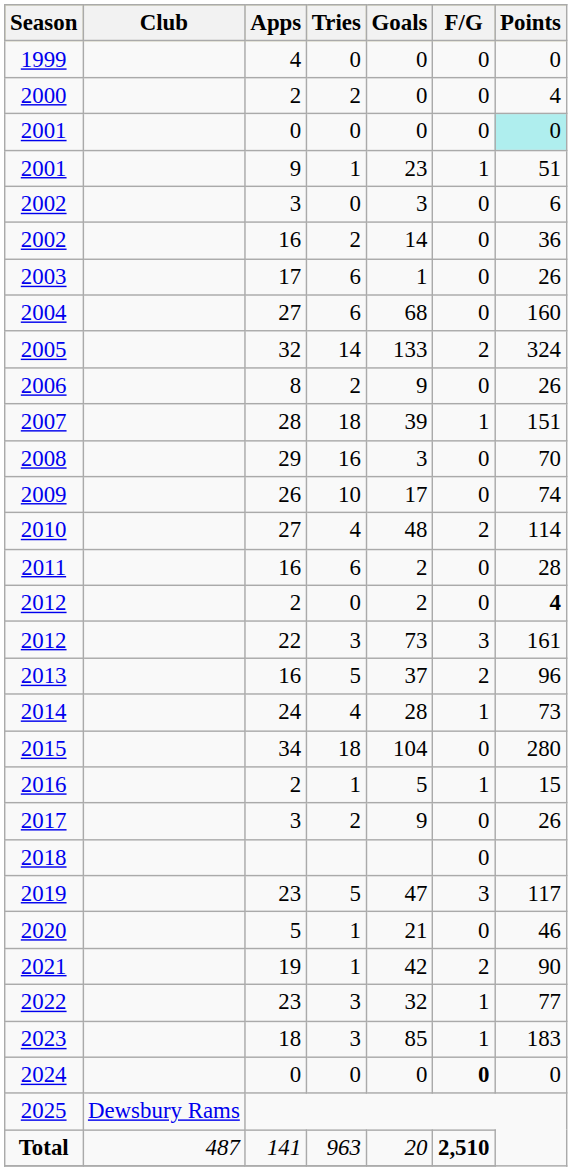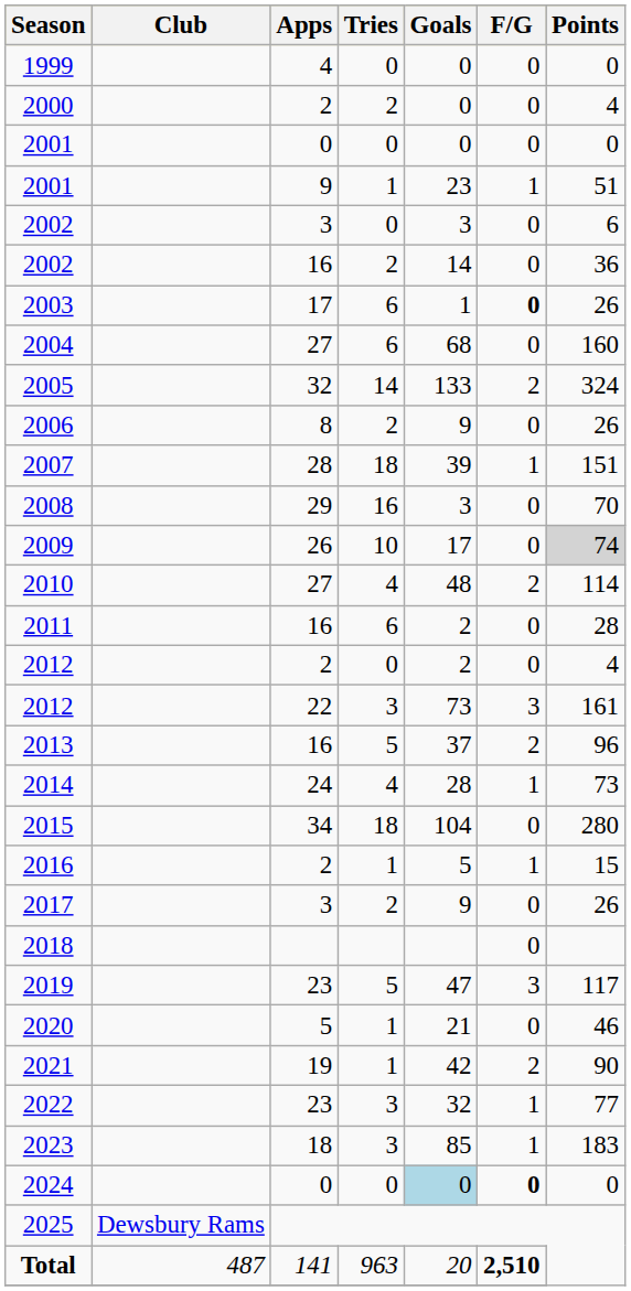 <table class="wikitable" style="text-align:center;">
 <tr bgcolor=#bdb76b>
 <th>Season</th>
 <th>Club</th>
 <th>Apps</th>
 <th>Tries</th>
 <th>Goals</th>
 <th>F/G</th>
 <th>Points</th>
 </tr>
 <tr>
 <td><a href='#'>1999</a></td>
 <td align="left"></td>
 <td align="right">4</td>
 <td align="right">0</td>
 <td align="right">0</td>
 <td align="right">0</td>
 <td align="right">0</td>
 </tr>
 <tr>
 <td><a href='#'>2000</a></td>
 <td align="left"></td>
 <td align="right">2</td>
 <td align="right">2</td>
 <td align="right">0</td>
 <td align="right">0</td>
 <td align="right">4</td>
 </tr>
 <tr>
 <td><a href='#'>2001</a></td>
 <td align="left"></td>
 <td align="right">0</td>
 <td align="right">0</td>
 <td align="right">0</td>
 <td align="right">0</td>
-<td align="right" style="background: paleturquoise;">0</td>
+<td align="right">0</td>
 </tr>
 <tr>
 <td><a href='#'>2001</a></td>
 <td align="left"></td>
 <td align="right">9</td>
 <td align="right">1</td>
 <td align="right">23</td>
 <td align="right">1</td>
 <td align="right">51</td>
 </tr>
 <tr>
 <td><a href='#'>2002</a></td>
 <td align="left"></td>
 <td align="right">3</td>
 <td align="right">0</td>
 <td align="right">3</td>
 <td align="right">0</td>
 <td align="right">6</td>
 </tr>
 <tr>
 <td><a href='#'>2002</a></td>
 <td align="left"></td>
 <td align="right">16</td>
 <td align="right">2</td>
 <td align="right">14</td>
 <td align="right">0</td>
 <td align="right">36</td>
 </tr>
 <tr>
 <td><a href='#'>2003</a></td>
 <td align="left"></td>
 <td align="right">17</td>
 <td align="right">6</td>
 <td align="right">1</td>
-<td align="right">0</td>
+<td align="right"><strong>0</strong></td>
 <td align="right">26</td>
 </tr>
 <tr>
 <td><a href='#'>2004</a></td>
 <td align="left"></td>
 <td align="right">27</td>
 <td align="right">6</td>
 <td align="right">68</td>
 <td align="right">0</td>
 <td align="right">160</td>
 </tr>
 <tr>
 <td><a href='#'>2005</a></td>
 <td align="left"></td>
 <td align="right">32</td>
 <td align="right">14</td>
 <td align="right">133</td>
 <td align="right">2</td>
 <td align="right">324</td>
 </tr>
 <tr>
 <td><a href='#'>2006</a></td>
 <td align="left"></td>
 <td align="right">8</td>
 <td align="right">2</td>
 <td align="right">9</td>
 <td align="right">0</td>
 <td align="right">26</td>
 </tr>
 <tr>
 <td><a href='#'>2007</a></td>
 <td align="left"></td>
 <td align="right">28</td>
 <td align="right">18</td>
 <td align="right">39</td>
 <td align="right">1</td>
 <td align="right">151</td>
 </tr>
 <tr>
 <td><a href='#'>2008</a></td>
 <td align="left"></td>
 <td align="right">29</td>
 <td align="right">16</td>
 <td align="right">3</td>
 <td align="right">0</td>
 <td align="right">70</td>
 </tr>
 <tr>
 <td><a href='#'>2009</a></td>
 <td align="left"></td>
 <td align="right">26</td>
 <td align="right">10</td>
 <td align="right">17</td>
 <td align="right">0</td>
-<td align="right">74</td>
+<td align="right" style="background: lightgrey;">74</td>
 </tr>
 <tr>
 <td><a href='#'>2010</a></td>
 <td align="left"></td>
 <td align="right">27</td>
 <td align="right">4</td>
 <td align="right">48</td>
 <td align="right">2</td>
 <td align="right">114</td>
 </tr>
 <tr>
 <td><a href='#'>2011</a></td>
 <td align="left"></td>
 <td align="right">16</td>
 <td align="right">6</td>
 <td align="right">2</td>
 <td align="right">0</td>
 <td align="right">28</td>
 </tr>
 <tr>
 <td><a href='#'>2012</a></td>
 <td align="left"></td>
 <td align="right">2</td>
 <td align="right">0</td>
 <td align="right">2</td>
 <td align="right">0</td>
-<td align="right"><strong>4</strong></td>
+<td align="right">4</td>
 </tr>
 <tr>
 <td><a href='#'>2012</a></td>
 <td align="left"></td>
 <td align="right">22</td>
 <td align="right">3</td>
 <td align="right">73</td>
 <td align="right">3</td>
 <td align="right">161</td>
 </tr>
 <tr>
 <td><a href='#'>2013</a></td>
 <td align="left"></td>
 <td align="right">16</td>
 <td align="right">5</td>
 <td align="right">37</td>
 <td align="right">2</td>
 <td align="right">96</td>
 </tr>
 <tr>
 <td><a href='#'>2014</a></td>
 <td align="left"></td>
 <td align="right">24</td>
 <td align="right">4</td>
 <td align="right">28</td>
 <td align="right">1</td>
 <td align="right">73</td>
 </tr>
 <tr>
 <td><a href='#'>2015</a></td>
 <td align="left"></td>
 <td align="right">34</td>
 <td align="right">18</td>
 <td align="right">104</td>
 <td align="right">0</td>
 <td align="right">280</td>
 </tr>
 <tr>
 <td><a href='#'>2016</a></td>
 <td align="left"></td>
 <td align="right">2</td>
 <td align="right">1</td>
 <td align="right">5</td>
 <td align="right">1</td>
 <td align="right">15</td>
 </tr>
 <tr>
 <td><a href='#'>2017</a></td>
 <td align="left"></td>
 <td align="right">3</td>
 <td align="right">2</td>
 <td align="right">9</td>
 <td align="right">0</td>
 <td align="right">26</td>
 </tr>
 <tr>
 <td><a href='#'>2018</a></td>
 <td align="left"></td>
 <td align="right"></td>
 <td align="right"></td>
 <td align="right"></td>
 <td align="right">0</td>
 <td align="right"></td>
 </tr>
 <tr>
 <td><a href='#'>2019</a></td>
 <td align="left"></td>
 <td align="right">23</td>
 <td align="right">5</td>
 <td align="right">47</td>
 <td align="right">3</td>
 <td align="right">117</td>
 </tr>
 <tr>
 <td><a href='#'>2020</a></td>
 <td align="left"></td>
 <td align="right">5</td>
 <td align="right">1</td>
 <td align="right">21</td>
 <td align="right">0</td>
 <td align="right">46</td>
 </tr>
 <tr>
 <td><a href='#'>2021</a></td>
 <td align="left"></td>
 <td align="right">19</td>
 <td align="right">1</td>
 <td align="right">42</td>
 <td align="right">2</td>
 <td align="right">90</td>
 </tr>
 <tr>
 <td><a href='#'>2022</a></td>
 <td align="left"></td>
 <td align="right">23</td>
 <td align="right">3</td>
 <td align="right">32</td>
 <td align="right">1</td>
 <td align="right">77</td>
 </tr>
 <tr>
 <td><a href='#'>2023</a></td>
 <td align="left"></td>
 <td align="right">18</td>
 <td align="right">3</td>
 <td align="right">85</td>
 <td align="right">1</td>
 <td align="right">183</td>
 </tr>
 <tr>
 <td><a href='#'>2024</a></td>
 <td align="left"></td>
 <td align="right">0</td>
 <td align="right">0</td>
-<td align="right">0</td>
+<td align="right" style="background: lightblue;">0</td>
 <td align="right"><strong>0</strong></td>
 <td align="right">0</td>
 </tr>
 <tr>
 <td><a href='#'>2025</a></td>
 <td align="left"><a href='#'>Dewsbury Rams</a></td>
 </tr>
 <tr>
 <td><strong>Total</strong></td>
 <td align="right"><em>487</em></td>
 <td align="right"><em>141</em></td>
 <td align="right"><em>963</em></td>
 <td align="right"><em>20</em></td>
 <td align="right"><strong>2,510</strong></td>
 </tr>
 <tr>
 </tr>
 </table>
